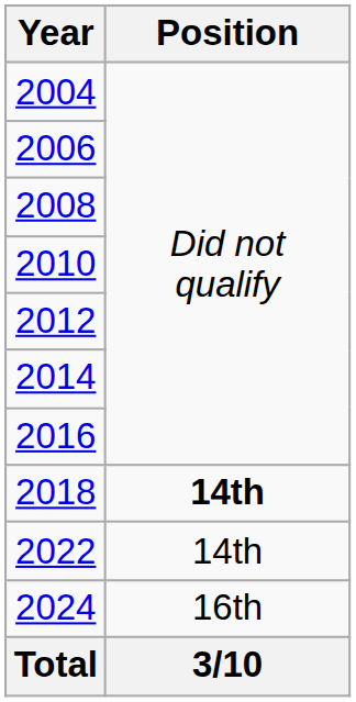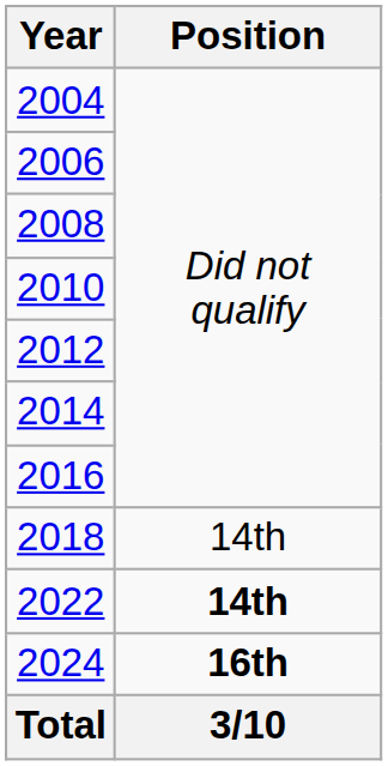 <table class="wikitable" style="text-align: center;">
 <tr>
 <th>Year</th>
 <th width="100">Position</th>
 </tr>
 <tr>
 <td> <a href='#'>2004</a></td>
 <td rowspan=7><em>Did not qualify</em></td>
 </tr>
 <tr>
 <td> <a href='#'>2006</a></td>
 </tr>
 <tr>
 <td> <a href='#'>2008</a></td>
 </tr>
 <tr>
 <td> <a href='#'>2010</a></td>
 </tr>
 <tr>
 <td> <a href='#'>2012</a></td>
 </tr>
 <tr>
 <td> <a href='#'>2014</a></td>
 </tr>
 <tr>
 <td> <a href='#'>2016</a></td>
 </tr>
 <tr>
 <td> <a href='#'>2018</a></td>
+<td>14th</td>
+</tr>
+<tr>
+<td> <a href='#'>2022</a></td>
 <td><strong>14th</strong></td>
 </tr>
 <tr>
-<td> <a href='#'>2022</a></td>
-<td>14th</td>
-</tr>
-<tr>
 <td> <a href='#'>2024</a></td>
-<td>16th</td>
+<td><strong>16th</strong></td>
 </tr>
 <tr>
 <th>Total</th>
 <th>3/10</th>
 </tr>
 </table>
